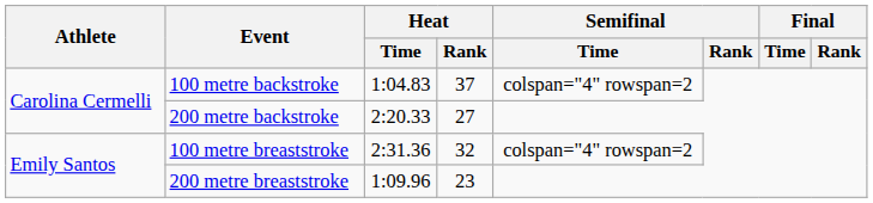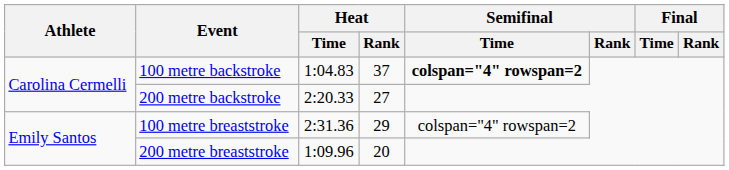 <table class="wikitable" style="text-align:center; font-size:90%; width:50%;">
 <tr>
 <th rowspan="2">Athlete</th>
 <th rowspan="2">Event</th>
 <th colspan="2">Heat</th>
 <th colspan="2">Semifinal</th>
 <th colspan="2">Final</th>
 </tr>
 <tr style="font-size:95%">
 <th>Time</th>
 <th>Rank</th>
 <th>Time</th>
 <th>Rank</th>
 <th>Time</th>
 <th>Rank</th>
 </tr>
 <tr>
 <td align=left rowspan=2><a href='#'>Carolina Cermelli</a></td>
 <td align=left><a href='#'>100 metre backstroke</a></td>
 <td>1:04.83</td>
 <td>37</td>
-<td>colspan="4" rowspan=2</td>
+<td><strong>colspan="4" rowspan=2</strong></td>
 </tr>
 <tr>
 <td align=left><a href='#'>200 metre backstroke</a></td>
 <td>2:20.33</td>
 <td>27</td>
 </tr>
 <tr>
 <td align=left rowspan=2><a href='#'>Emily Santos</a></td>
 <td align=left><a href='#'>100 metre breaststroke</a></td>
 <td>2:31.36</td>
-<td>32</td>
+<td>29</td>
 <td>colspan="4" rowspan=2 </td>
 </tr>
 <tr>
 <td align=left><a href='#'>200 metre breaststroke</a></td>
 <td>1:09.96</td>
-<td>23</td>
+<td>20</td>
 </tr>
 </table>
